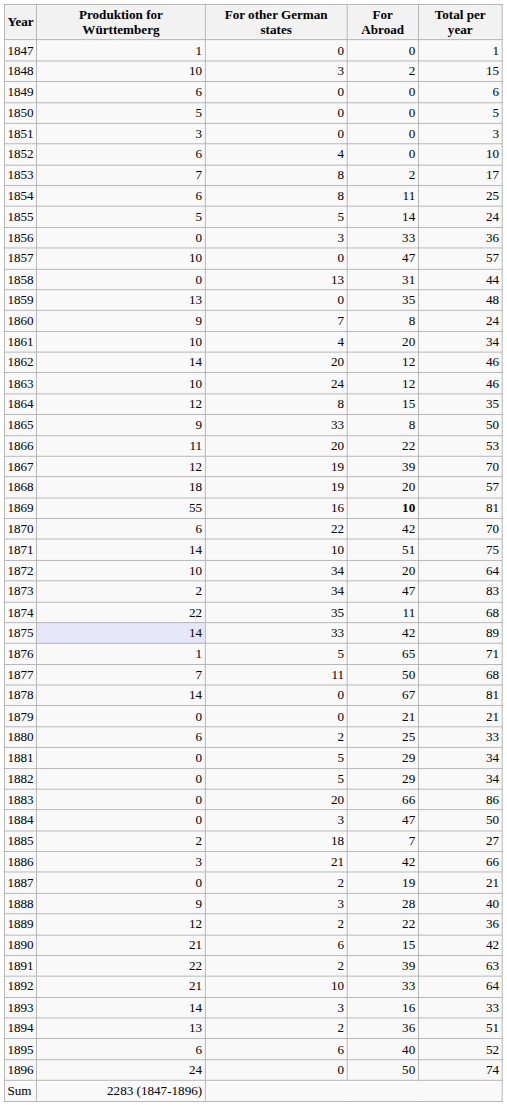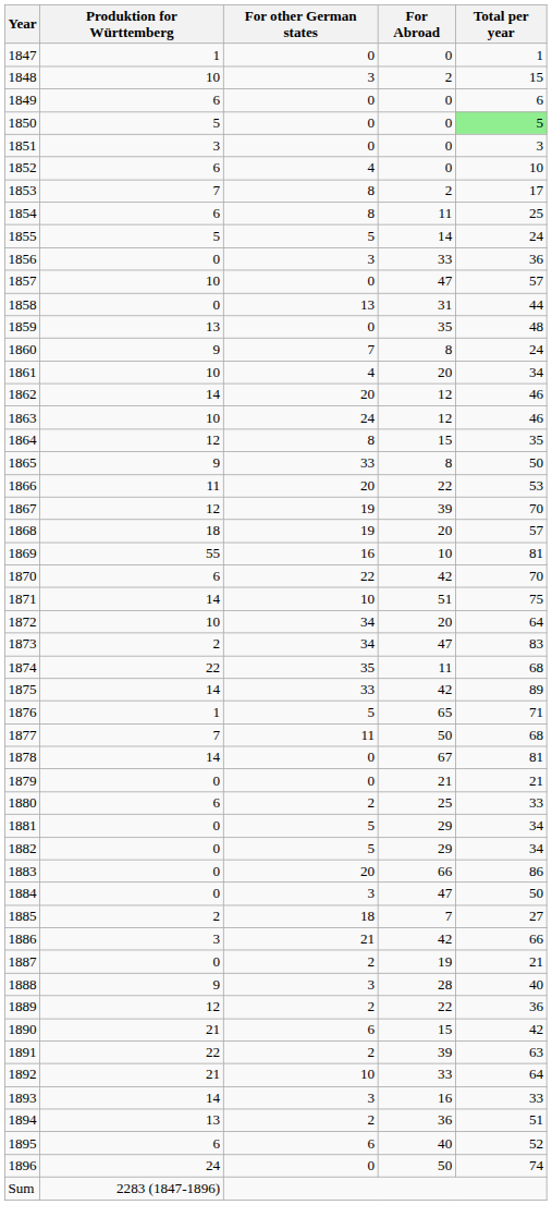 <table class="wikitable sortable">
 <tr>
 <th>Year</th>
 <th>Produktion for Württemberg</th>
 <th>For other German states</th>
 <th>For Abroad</th>
 <th>Total per year</th>
 </tr>
 <tr>
 <td>1847</td>
 <td align="right">1</td>
 <td align="right">0</td>
 <td align="right">0</td>
 <td align="right">1</td>
 </tr>
 <tr>
 <td>1848</td>
 <td align="right">10</td>
 <td align="right">3</td>
 <td align="right">2</td>
 <td align="right">15</td>
 </tr>
 <tr>
 <td>1849</td>
 <td align="right">6</td>
 <td align="right">0</td>
 <td align="right">0</td>
 <td align="right">6</td>
 </tr>
 <tr>
 <td>1850</td>
 <td align="right">5</td>
 <td align="right">0</td>
 <td align="right">0</td>
-<td align="right">5</td>
+<td align="right" style="background: lightgreen;">5</td>
 </tr>
 <tr>
 <td>1851</td>
 <td align="right">3</td>
 <td align="right">0</td>
 <td align="right">0</td>
 <td align="right">3</td>
 </tr>
 <tr>
 <td>1852</td>
 <td align="right">6</td>
 <td align="right">4</td>
 <td align="right">0</td>
 <td align="right">10</td>
 </tr>
 <tr>
 <td>1853</td>
 <td align="right">7</td>
 <td align="right">8</td>
 <td align="right">2</td>
 <td align="right">17</td>
 </tr>
 <tr>
 <td>1854</td>
 <td align="right">6</td>
 <td align="right">8</td>
 <td align="right">11</td>
 <td align="right">25</td>
 </tr>
 <tr>
 <td>1855</td>
 <td align="right">5</td>
 <td align="right">5</td>
 <td align="right">14</td>
 <td align="right">24</td>
 </tr>
 <tr>
 <td>1856</td>
 <td align="right">0</td>
 <td align="right">3</td>
 <td align="right">33</td>
 <td align="right">36</td>
 </tr>
 <tr>
 <td>1857</td>
 <td align="right">10</td>
 <td align="right">0</td>
 <td align="right">47</td>
 <td align="right">57</td>
 </tr>
 <tr>
 <td>1858</td>
 <td align="right">0</td>
 <td align="right">13</td>
 <td align="right">31</td>
 <td align="right">44</td>
 </tr>
 <tr>
 <td>1859</td>
 <td align="right">13</td>
 <td align="right">0</td>
 <td align="right">35</td>
 <td align="right">48</td>
 </tr>
 <tr>
 <td>1860</td>
 <td align="right">9</td>
 <td align="right">7</td>
 <td align="right">8</td>
 <td align="right">24</td>
 </tr>
 <tr>
 <td>1861</td>
 <td align="right">10</td>
 <td align="right">4</td>
 <td align="right">20</td>
 <td align="right">34</td>
 </tr>
 <tr>
 <td>1862</td>
 <td align="right">14</td>
 <td align="right">20</td>
 <td align="right">12</td>
 <td align="right">46</td>
 </tr>
 <tr>
 <td>1863</td>
 <td align="right">10</td>
 <td align="right">24</td>
 <td align="right">12</td>
 <td align="right">46</td>
 </tr>
 <tr>
 <td>1864</td>
 <td align="right">12</td>
 <td align="right">8</td>
 <td align="right">15</td>
 <td align="right">35</td>
 </tr>
 <tr>
 <td>1865</td>
 <td align="right">9</td>
 <td align="right">33</td>
 <td align="right">8</td>
 <td align="right">50</td>
 </tr>
 <tr>
 <td>1866</td>
 <td align="right">11</td>
 <td align="right">20</td>
 <td align="right">22</td>
 <td align="right">53</td>
 </tr>
 <tr>
 <td>1867</td>
 <td align="right">12</td>
 <td align="right">19</td>
 <td align="right">39</td>
 <td align="right">70</td>
 </tr>
 <tr>
 <td>1868</td>
 <td align="right">18</td>
 <td align="right">19</td>
 <td align="right">20</td>
 <td align="right">57</td>
 </tr>
 <tr>
 <td>1869</td>
 <td align="right">55</td>
 <td align="right">16</td>
-<td align="right"><strong>10</strong></td>
+<td align="right">10</td>
 <td align="right">81</td>
 </tr>
 <tr>
 <td>1870</td>
 <td align="right">6</td>
 <td align="right">22</td>
 <td align="right">42</td>
 <td align="right">70</td>
 </tr>
 <tr>
 <td>1871</td>
 <td align="right">14</td>
 <td align="right">10</td>
 <td align="right">51</td>
 <td align="right">75</td>
 </tr>
 <tr>
 <td>1872</td>
 <td align="right">10</td>
 <td align="right">34</td>
 <td align="right">20</td>
 <td align="right">64</td>
 </tr>
 <tr>
 <td>1873</td>
 <td align="right">2</td>
 <td align="right">34</td>
 <td align="right">47</td>
 <td align="right">83</td>
 </tr>
 <tr>
 <td>1874</td>
 <td align="right">22</td>
 <td align="right">35</td>
 <td align="right">11</td>
 <td align="right">68</td>
 </tr>
 <tr>
 <td>1875</td>
-<td align="right" style="background: lavender;">14</td>
+<td align="right">14</td>
 <td align="right">33</td>
 <td align="right">42</td>
 <td align="right">89</td>
 </tr>
 <tr>
 <td>1876</td>
 <td align="right">1</td>
 <td align="right">5</td>
 <td align="right">65</td>
 <td align="right">71</td>
 </tr>
 <tr>
 <td>1877</td>
 <td align="right">7</td>
 <td align="right">11</td>
 <td align="right">50</td>
 <td align="right">68</td>
 </tr>
 <tr>
 <td>1878</td>
 <td align="right">14</td>
 <td align="right">0</td>
 <td align="right">67</td>
 <td align="right">81</td>
 </tr>
 <tr>
 <td>1879</td>
 <td align="right">0</td>
 <td align="right">0</td>
 <td align="right">21</td>
 <td align="right">21</td>
 </tr>
 <tr>
 <td>1880</td>
 <td align="right">6</td>
 <td align="right">2</td>
 <td align="right">25</td>
 <td align="right">33</td>
 </tr>
 <tr>
 <td>1881</td>
 <td align="right">0</td>
 <td align="right">5</td>
 <td align="right">29</td>
 <td align="right">34</td>
 </tr>
 <tr>
 <td>1882</td>
 <td align="right">0</td>
 <td align="right">5</td>
 <td align="right">29</td>
 <td align="right">34</td>
 </tr>
 <tr>
 <td>1883</td>
 <td align="right">0</td>
 <td align="right">20</td>
 <td align="right">66</td>
 <td align="right">86</td>
 </tr>
 <tr>
 <td>1884</td>
 <td align="right">0</td>
 <td align="right">3</td>
 <td align="right">47</td>
 <td align="right">50</td>
 </tr>
 <tr>
 <td>1885</td>
 <td align="right">2</td>
 <td align="right">18</td>
 <td align="right">7</td>
 <td align="right">27</td>
 </tr>
 <tr>
 <td>1886</td>
 <td align="right">3</td>
 <td align="right">21</td>
 <td align="right">42</td>
 <td align="right">66</td>
 </tr>
 <tr>
 <td>1887</td>
 <td align="right">0</td>
 <td align="right">2</td>
 <td align="right">19</td>
 <td align="right">21</td>
 </tr>
 <tr>
 <td>1888</td>
 <td align="right">9</td>
 <td align="right">3</td>
 <td align="right">28</td>
 <td align="right">40</td>
 </tr>
 <tr>
 <td>1889</td>
 <td align="right">12</td>
 <td align="right">2</td>
 <td align="right">22</td>
 <td align="right">36</td>
 </tr>
 <tr>
 <td>1890</td>
 <td align="right">21</td>
 <td align="right">6</td>
 <td align="right">15</td>
 <td align="right">42</td>
 </tr>
 <tr>
 <td>1891</td>
 <td align="right">22</td>
 <td align="right">2</td>
 <td align="right">39</td>
 <td align="right">63</td>
 </tr>
 <tr>
 <td>1892</td>
 <td align="right">21</td>
 <td align="right">10</td>
 <td align="right">33</td>
 <td align="right">64</td>
 </tr>
 <tr>
 <td>1893</td>
 <td align="right">14</td>
 <td align="right">3</td>
 <td align="right">16</td>
 <td align="right">33</td>
 </tr>
 <tr>
 <td>1894</td>
 <td align="right">13</td>
 <td align="right">2</td>
 <td align="right">36</td>
 <td align="right">51</td>
 </tr>
 <tr>
 <td>1895</td>
 <td align="right">6</td>
 <td align="right">6</td>
 <td align="right">40</td>
 <td align="right">52</td>
 </tr>
 <tr>
 <td>1896</td>
 <td align="right">24</td>
 <td align="right">0</td>
 <td align="right">50</td>
 <td align="right">74</td>
 </tr>
 <tr>
 <td>Sum </td>
 <td align="right">2283 (1847-1896)</td>
 </tr>
 </table>
